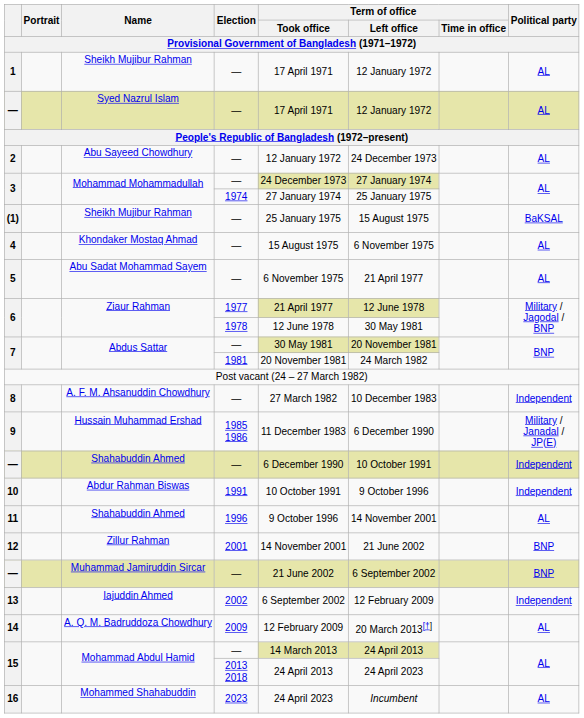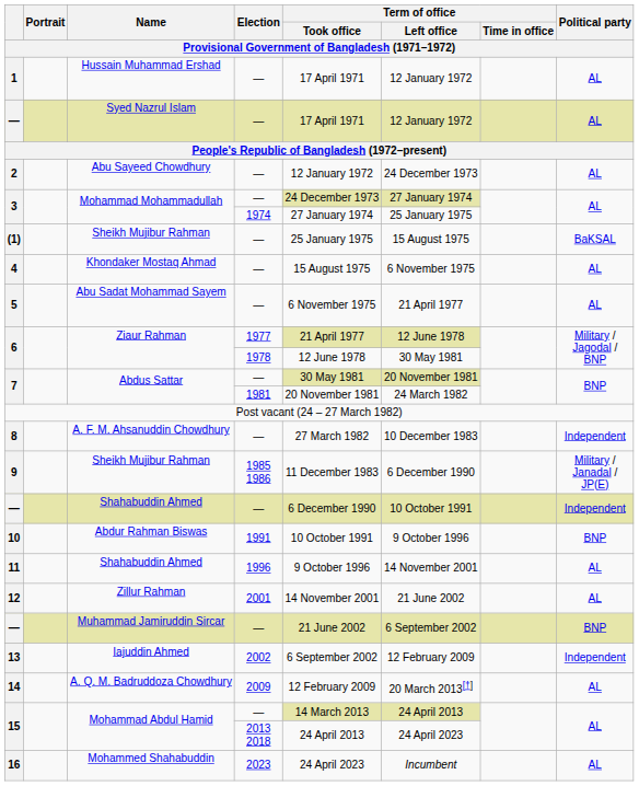 <table class="wikitable" style="text-align:center">
 <tr>
 <th rowspan="2"></th>
 <th rowspan="2">Portrait</th>
 <th rowspan="2">Name<br></th>
 <th rowspan="2">Election</th>
 <th colspan="3">Term of office</th>
 <th rowspan="2">Political party<br></th>
 </tr>
 <tr>
 <th>Took office</th>
 <th>Left office</th>
 <th>Time in office</th>
 </tr>
 <tr>
 <th colspan="8"><a href='#'>Provisional Government of Bangladesh</a> (1971–1972)</th>
 </tr>
 <tr>
 <th style="background:">1</th>
 <td></td>
-<td><a href='#'>Sheikh Mujibur Rahman</a><br><br><br></td>
+<td><a href='#'>Hussain Muhammad Ershad</a><br><br><br></td>
 <td>—</td>
 <td>17 April 1971</td>
 <td>12 January 1972</td>
 <td></td>
 <td><a href='#'>AL</a></td>
 </tr>
 <tr style="background:#e6e6aa;">
 <th style="background:">—</th>
 <td></td>
 <td><a href='#'>Syed Nazrul Islam</a><br><br><br></td>
 <td>—</td>
 <td>17 April 1971</td>
 <td>12 January 1972</td>
 <td></td>
 <td><a href='#'>AL</a></td>
 </tr>
 <tr>
 <th colspan="8"><a href='#'>People's Republic of Bangladesh</a> (1972–present)</th>
 </tr>
 <tr>
 <th style="background:">2</th>
 <td></td>
 <td><a href='#'>Abu Sayeed Chowdhury</a><br><br></td>
 <td>—</td>
 <td>12 January 1972</td>
 <td>24 December 1973</td>
 <td></td>
 <td><a href='#'>AL</a></td>
 </tr>
 <tr>
 <th rowspan="2" style="background:">3</th>
 <td rowspan="2"></td>
 <td rowspan="2"><a href='#'>Mohammad Mohammadullah</a><br><br></td>
 <td>—</td>
 <td style="background:#e6e6aa;">24 December 1973</td>
 <td style="background:#e6e6aa;">27 January 1974</td>
 <td rowspan="2"></td>
 <td rowspan="2"><a href='#'>AL</a></td>
 </tr>
 <tr>
 <td><a href='#'>1974</a></td>
 <td>27 January 1974</td>
 <td>25 January 1975</td>
 </tr>
 <tr>
 <th style="background:">(1)</th>
 <td></td>
 <td><a href='#'>Sheikh Mujibur Rahman</a><br><br></td>
 <td>—</td>
 <td>25 January 1975</td>
 <td>15 August 1975<br></td>
 <td></td>
 <td><a href='#'>BaKSAL</a></td>
 </tr>
 <tr>
 <th style="background:">4</th>
 <td></td>
 <td><a href='#'>Khondaker Mostaq Ahmad</a><br><br></td>
 <td>—</td>
 <td>15 August 1975</td>
 <td>6 November 1975<br></td>
 <td></td>
 <td><a href='#'>AL</a><br></td>
 </tr>
 <tr>
 <th style="background:">5</th>
 <td></td>
 <td><a href='#'>Abu Sadat Mohammad Sayem</a><br><br><br></td>
 <td>—</td>
 <td>6 November 1975</td>
 <td>21 April 1977</td>
 <td></td>
 <td><a href='#'>AL</a><br></td>
 </tr>
 <tr>
 <th rowspan="2" style="background:">6</th>
 <td rowspan="2"></td>
 <td rowspan="2"><a href='#'>Ziaur Rahman</a><br><br><br></td>
 <td><a href='#'>1977</a></td>
 <td style="background:#e6e6aa;">21 April 1977</td>
 <td style="background:#e6e6aa;">12 June 1978</td>
 <td rowspan="2"></td>
 <td rowspan="2"><a href='#'>Military</a> / <br> <a href='#'>Jagodal</a> / <br> <a href='#'>BNP</a></td>
 </tr>
 <tr>
 <td><a href='#'>1978</a></td>
 <td>12 June 1978</td>
 <td>30 May 1981<br></td>
 </tr>
 <tr>
 <th rowspan="2" style="background:">7</th>
 <td rowspan="2"></td>
 <td rowspan="2"><a href='#'>Abdus Sattar</a><br><br></td>
 <td>—</td>
 <td style="background:#e6e6aa;">30 May 1981</td>
 <td style="background:#e6e6aa;">20 November 1981</td>
 <td rowspan="2"></td>
 <td rowspan="2"><a href='#'>BNP</a></td>
 </tr>
 <tr>
 <td><a href='#'>1981</a></td>
 <td>20 November 1981</td>
 <td>24 March 1982<br></td>
 </tr>
 <tr>
 <td colspan="8">Post vacant (24 – 27 March 1982)</td>
 </tr>
 <tr>
 <th style="background:">8</th>
 <td></td>
 <td><a href='#'>A. F. M. Ahsanuddin Chowdhury</a><br><br></td>
 <td>—</td>
 <td>27 March 1982</td>
 <td>10 December 1983<br></td>
 <td></td>
 <td><a href='#'>Independent</a><br></td>
 </tr>
 <tr>
 <th style="background:">9</th>
 <td></td>
-<td><a href='#'>Hussain Muhammad Ershad</a><br><br><br></td>
+<td><a href='#'>Sheikh Mujibur Rahman</a><br><br><br></td>
 <td><a href='#'>1985</a><br><a href='#'>1986</a></td>
 <td>11 December 1983</td>
 <td>6 December 1990<br></td>
 <td></td>
 <td><a href='#'>Military</a> / <br> <a href='#'>Janadal</a> / <br> <a href='#'>JP(E)</a></td>
 </tr>
 <tr style="background:#e6e6aa;">
 <th style="background:">—</th>
 <td></td>
 <td><a href='#'>Shahabuddin Ahmed</a><br><br></td>
 <td>—</td>
 <td>6 December 1990</td>
 <td>10 October 1991</td>
 <td></td>
 <td><a href='#'>Independent</a></td>
 </tr>
 <tr>
 <th style="background:">10</th>
 <td></td>
 <td><a href='#'>Abdur Rahman Biswas</a><br><br></td>
 <td><a href='#'>1991</a></td>
 <td>10 October 1991</td>
 <td>9 October 1996</td>
 <td></td>
-<td><a href='#'>Independent</a></td>
+<td><a href='#'>BNP</a></td>
 </tr>
 <tr>
 <th style="background:">11</th>
 <td></td>
 <td><a href='#'>Shahabuddin Ahmed</a><br><br></td>
 <td><a href='#'>1996</a></td>
 <td>9 October 1996</td>
 <td>14 November 2001</td>
 <td></td>
 <td><a href='#'>AL</a></td>
 </tr>
 <tr>
 <th style="background:">12</th>
 <td></td>
 <td><a href='#'>Zillur Rahman</a><br><br></td>
 <td><a href='#'>2001</a></td>
 <td>14 November 2001</td>
 <td>21 June 2002</td>
 <td></td>
-<td><a href='#'>BNP</a></td>
+<td><a href='#'>AL</a></td>
 </tr>
 <tr style="background:#e6e6aa;">
 <th style="background:">—</th>
 <td></td>
 <td><a href='#'>Muhammad Jamiruddin Sircar</a><br><br></td>
 <td>—</td>
 <td>21 June 2002</td>
 <td>6 September 2002</td>
 <td></td>
 <td><a href='#'>BNP</a></td>
 </tr>
 <tr>
 <th style="background:">13</th>
 <td></td>
 <td><a href='#'>Iajuddin Ahmed</a><br><br></td>
 <td><a href='#'>2002</a></td>
 <td>6 September 2002</td>
 <td>12 February 2009</td>
 <td></td>
 <td><a href='#'>Independent</a></td>
 </tr>
 <tr>
 <th style="background:">14</th>
 <td></td>
 <td><a href='#'>A. Q. M. Badruddoza Chowdhury</a><br><br></td>
 <td><a href='#'>2009</a></td>
 <td>12 February 2009</td>
 <td>20 March 2013<sup><a href='#'>[†</a>]</sup></td>
 <td></td>
 <td><a href='#'>AL</a></td>
 </tr>
 <tr>
 <th rowspan="2" style="background:">15</th>
 <td rowspan="2"></td>
 <td rowspan="2"><a href='#'>Mohammad Abdul Hamid</a><br><br></td>
 <td>—</td>
 <td style="background:#e6e6aa;">14 March 2013</td>
 <td style="background:#e6e6aa;">24 April 2013</td>
 <td rowspan="2"></td>
 <td rowspan="2"><a href='#'>AL</a></td>
 </tr>
 <tr>
 <td><a href='#'>2013</a><br><a href='#'>2018</a></td>
 <td>24 April 2013</td>
 <td>24 April 2023</td>
 </tr>
 <tr>
 <th style="background:">16</th>
 <td></td>
 <td><a href='#'>Mohammed Shahabuddin</a><br><br></td>
 <td><a href='#'>2023</a></td>
 <td>24 April 2023</td>
 <td><em>Incumbent</em></td>
 <td></td>
 <td><a href='#'>AL</a></td>
 </tr>
 </table>
